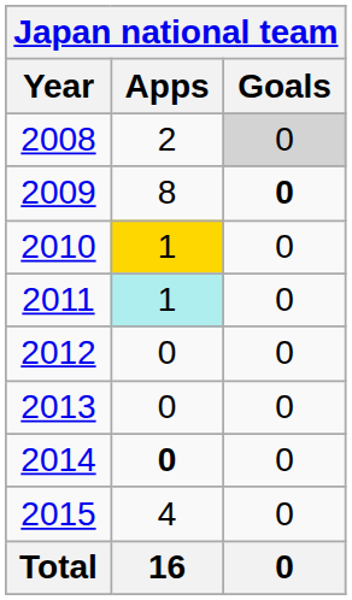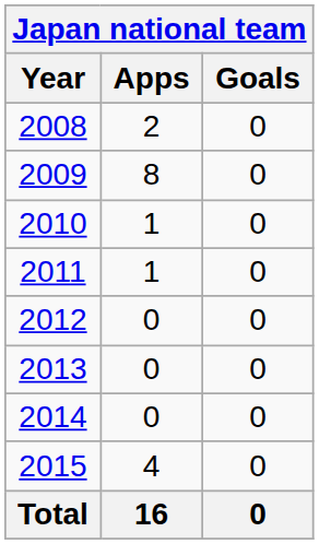 <table class="wikitable" style="text-align:center">
 <tr>
 <th colspan=3><a href='#'>Japan national team</a></th>
 </tr>
 <tr>
 <th>Year</th>
 <th>Apps</th>
 <th>Goals</th>
 </tr>
 <tr>
 <td><a href='#'>2008</a></td>
 <td>2</td>
-<td style="background: lightgrey;">0</td>
+<td>0</td>
 </tr>
 <tr>
 <td><a href='#'>2009</a></td>
 <td>8</td>
-<td><strong>0</strong></td>
+<td>0</td>
 </tr>
 <tr>
 <td><a href='#'>2010</a></td>
-<td style="background: gold;">1</td>
+<td>1</td>
 <td>0</td>
 </tr>
 <tr>
 <td><a href='#'>2011</a></td>
-<td style="background: paleturquoise;">1</td>
+<td>1</td>
 <td>0</td>
 </tr>
 <tr>
 <td><a href='#'>2012</a></td>
 <td>0</td>
 <td>0</td>
 </tr>
 <tr>
 <td><a href='#'>2013</a></td>
 <td>0</td>
 <td>0</td>
 </tr>
 <tr>
 <td><a href='#'>2014</a></td>
-<td><strong>0</strong></td>
+<td>0</td>
 <td>0</td>
 </tr>
 <tr>
 <td><a href='#'>2015</a></td>
 <td>4</td>
 <td>0</td>
 </tr>
 <tr>
 <th>Total</th>
 <th>16</th>
 <th>0</th>
 </tr>
 </table>
